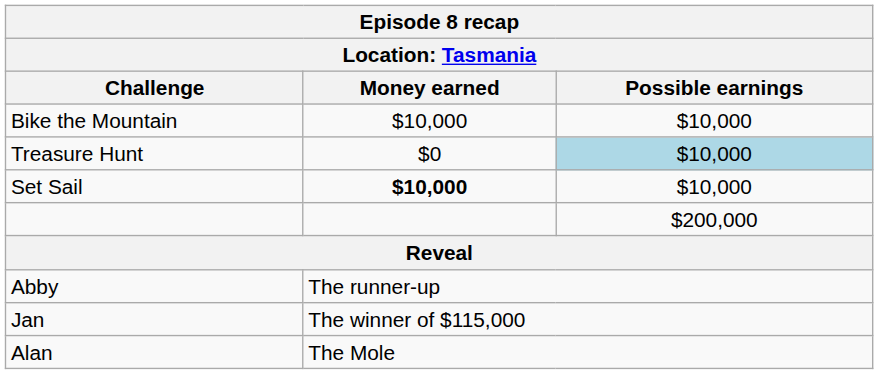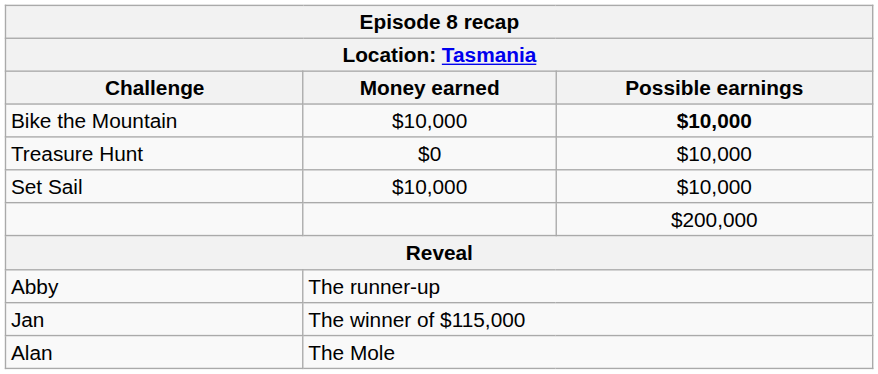 <table class="wikitable" style="font-size: 95%; margin: 10px" align="right" width="40%">
 <tr>
 <th colspan=3>Episode 8 recap</th>
 </tr>
 <tr>
 <th colspan=3>Location: <a href='#'>Tasmania</a></th>
 </tr>
 <tr>
 <th>Challenge</th>
 <th>Money earned</th>
 <th>Possible earnings</th>
 </tr>
 <tr>
 <td>Bike the Mountain</td>
 <td align="center">$10,000</td>
-<td align="center">$10,000</td>
+<td align="center"><strong>$10,000</strong></td>
 </tr>
 <tr>
 <td>Treasure Hunt</td>
 <td align="center">$0</td>
-<td align="center" style="background: lightblue;">$10,000</td>
+<td align="center">$10,000</td>
 </tr>
 <tr>
 <td>Set Sail</td>
-<td align="center"><strong>$10,000</strong></td>
+<td align="center">$10,000</td>
 <td align="center">$10,000</td>
 </tr>
 <tr>
 <td><strong></strong></td>
 <td align="center"><strong></strong></td>
 <td align="center">$200,000</td>
 </tr>
 <tr>
 <th colspan=3>Reveal</th>
 </tr>
 <tr>
 <td>Abby</td>
 <td colspan=2>The runner-up</td>
 </tr>
 <tr>
 <td>Jan</td>
 <td colspan=2>The winner of $115,000</td>
 </tr>
 <tr>
 <td>Alan</td>
 <td colspan=2>The Mole</td>
 </tr>
 </table>
